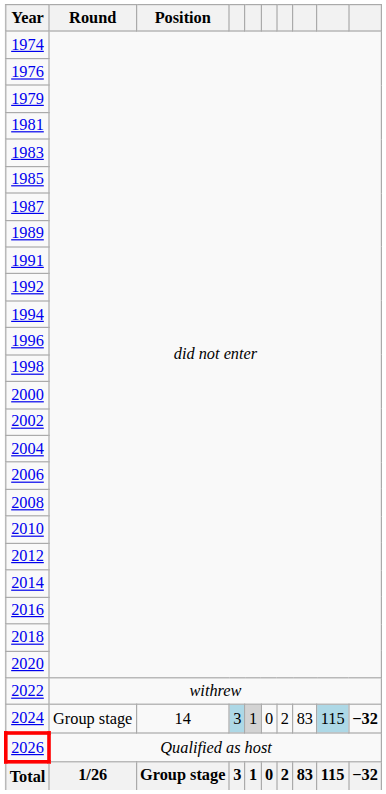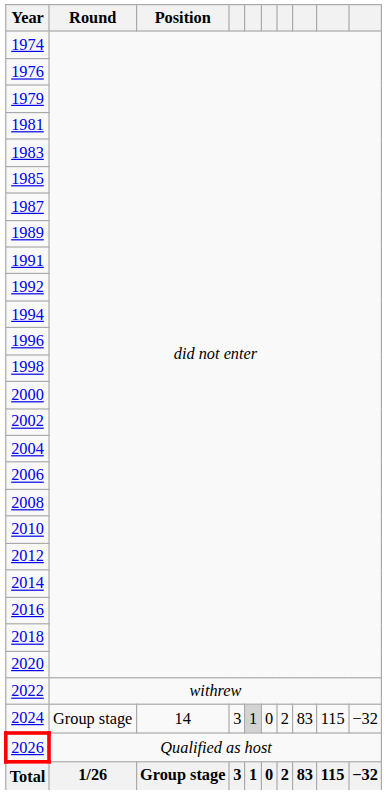 <table class="wikitable" style="font-size: 90%; text-align:center; font-size:85%;">
 <tr>
 <th>Year</th>
 <th>Round</th>
 <th>Position</th>
 <th></th>
 <th></th>
 <th></th>
 <th></th>
 <th></th>
 <th></th>
 <th></th>
 </tr>
 <tr>
 <td> <a href='#'>1974</a></td>
 <td colspan=9 rowspan=24><em>did not enter</em></td>
 </tr>
 <tr>
 <td> <a href='#'>1976</a></td>
 </tr>
 <tr>
 <td> <a href='#'>1979</a></td>
 </tr>
 <tr>
 <td> <a href='#'>1981</a></td>
 </tr>
 <tr>
 <td> <a href='#'>1983</a></td>
 </tr>
 <tr>
 <td> <a href='#'>1985</a></td>
 </tr>
 <tr>
 <td> <a href='#'>1987</a></td>
 </tr>
 <tr>
 <td> <a href='#'>1989</a></td>
 </tr>
 <tr>
 <td> <a href='#'>1991</a></td>
 </tr>
 <tr>
 <td> <a href='#'>1992</a></td>
 </tr>
 <tr>
 <td> <a href='#'>1994</a></td>
 </tr>
 <tr>
 <td> <a href='#'>1996</a></td>
 </tr>
 <tr>
 <td> <a href='#'>1998</a></td>
 </tr>
 <tr>
 <td> <a href='#'>2000</a></td>
 </tr>
 <tr>
 <td> <a href='#'>2002</a></td>
 </tr>
 <tr>
 <td> <a href='#'>2004</a></td>
 </tr>
 <tr>
 <td> <a href='#'>2006</a></td>
 </tr>
 <tr>
 <td> <a href='#'>2008</a></td>
 </tr>
 <tr>
 <td> <a href='#'>2010</a></td>
 </tr>
 <tr>
 <td> <a href='#'>2012</a></td>
 </tr>
 <tr>
 <td> <a href='#'>2014</a></td>
 </tr>
 <tr>
 <td> <a href='#'>2016</a></td>
 </tr>
 <tr>
 <td> <a href='#'>2018</a></td>
 </tr>
 <tr>
 <td> <a href='#'>2020</a></td>
 </tr>
 <tr>
 <td> <a href='#'>2022</a></td>
 <td colspan=9 rowspan=1><em>withrew</em></td>
 </tr>
 <tr>
 <td> <a href='#'>2024</a></td>
 <td>Group stage</td>
 <td>14</td>
-<td style="background: lightblue;">3</td>
+<td>3</td>
 <td style="background: lightgrey;">1</td>
 <td>0</td>
 <td>2</td>
 <td>83</td>
-<td style="background: lightblue;">115</td>
-<td><strong>−32</strong></td>
+<td>115</td>
+<td>−32</td>
 </tr>
 <tr>
 <td style="border: 3px solid red"> <a href='#'>2026</a></td>
 <td colspan=9 rowspan=1><em>Qualified as host</em></td>
 </tr>
 <tr>
 <th>Total</th>
 <th>1/26</th>
 <th>Group stage</th>
 <th>3</th>
 <th>1</th>
 <th>0</th>
 <th>2</th>
 <th>83</th>
 <th>115</th>
 <th>−32</th>
 </tr>
 </table>
